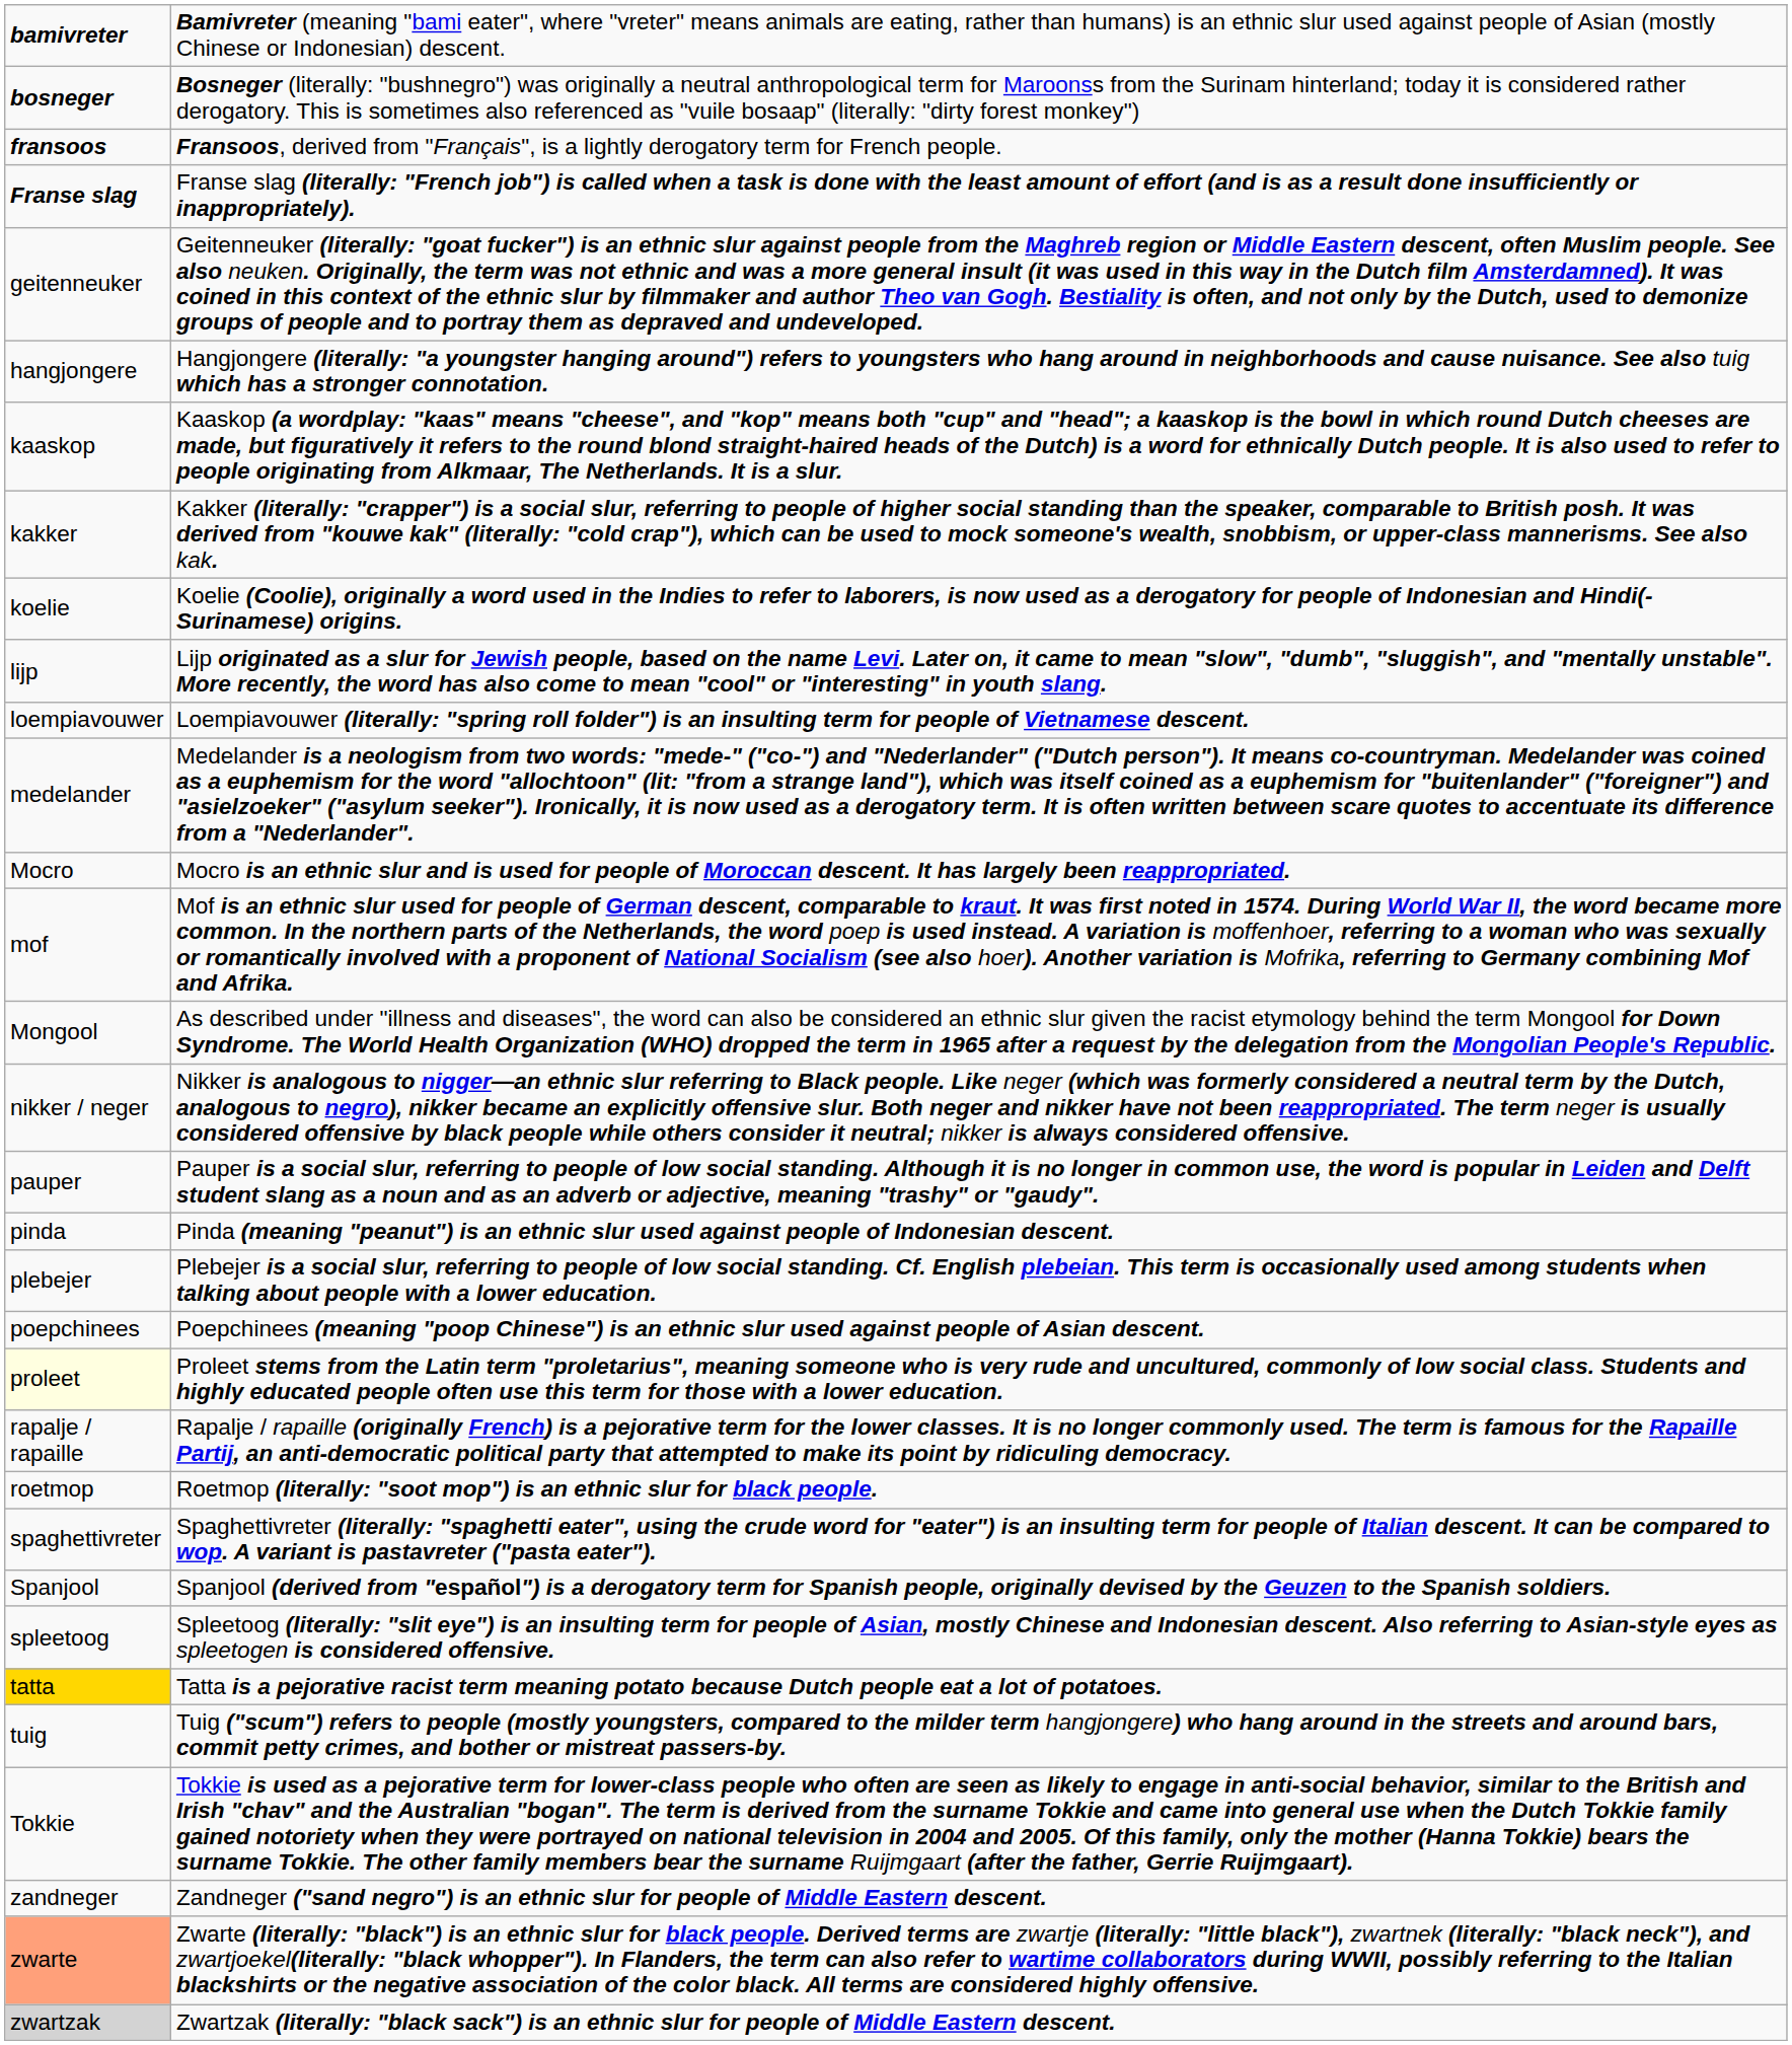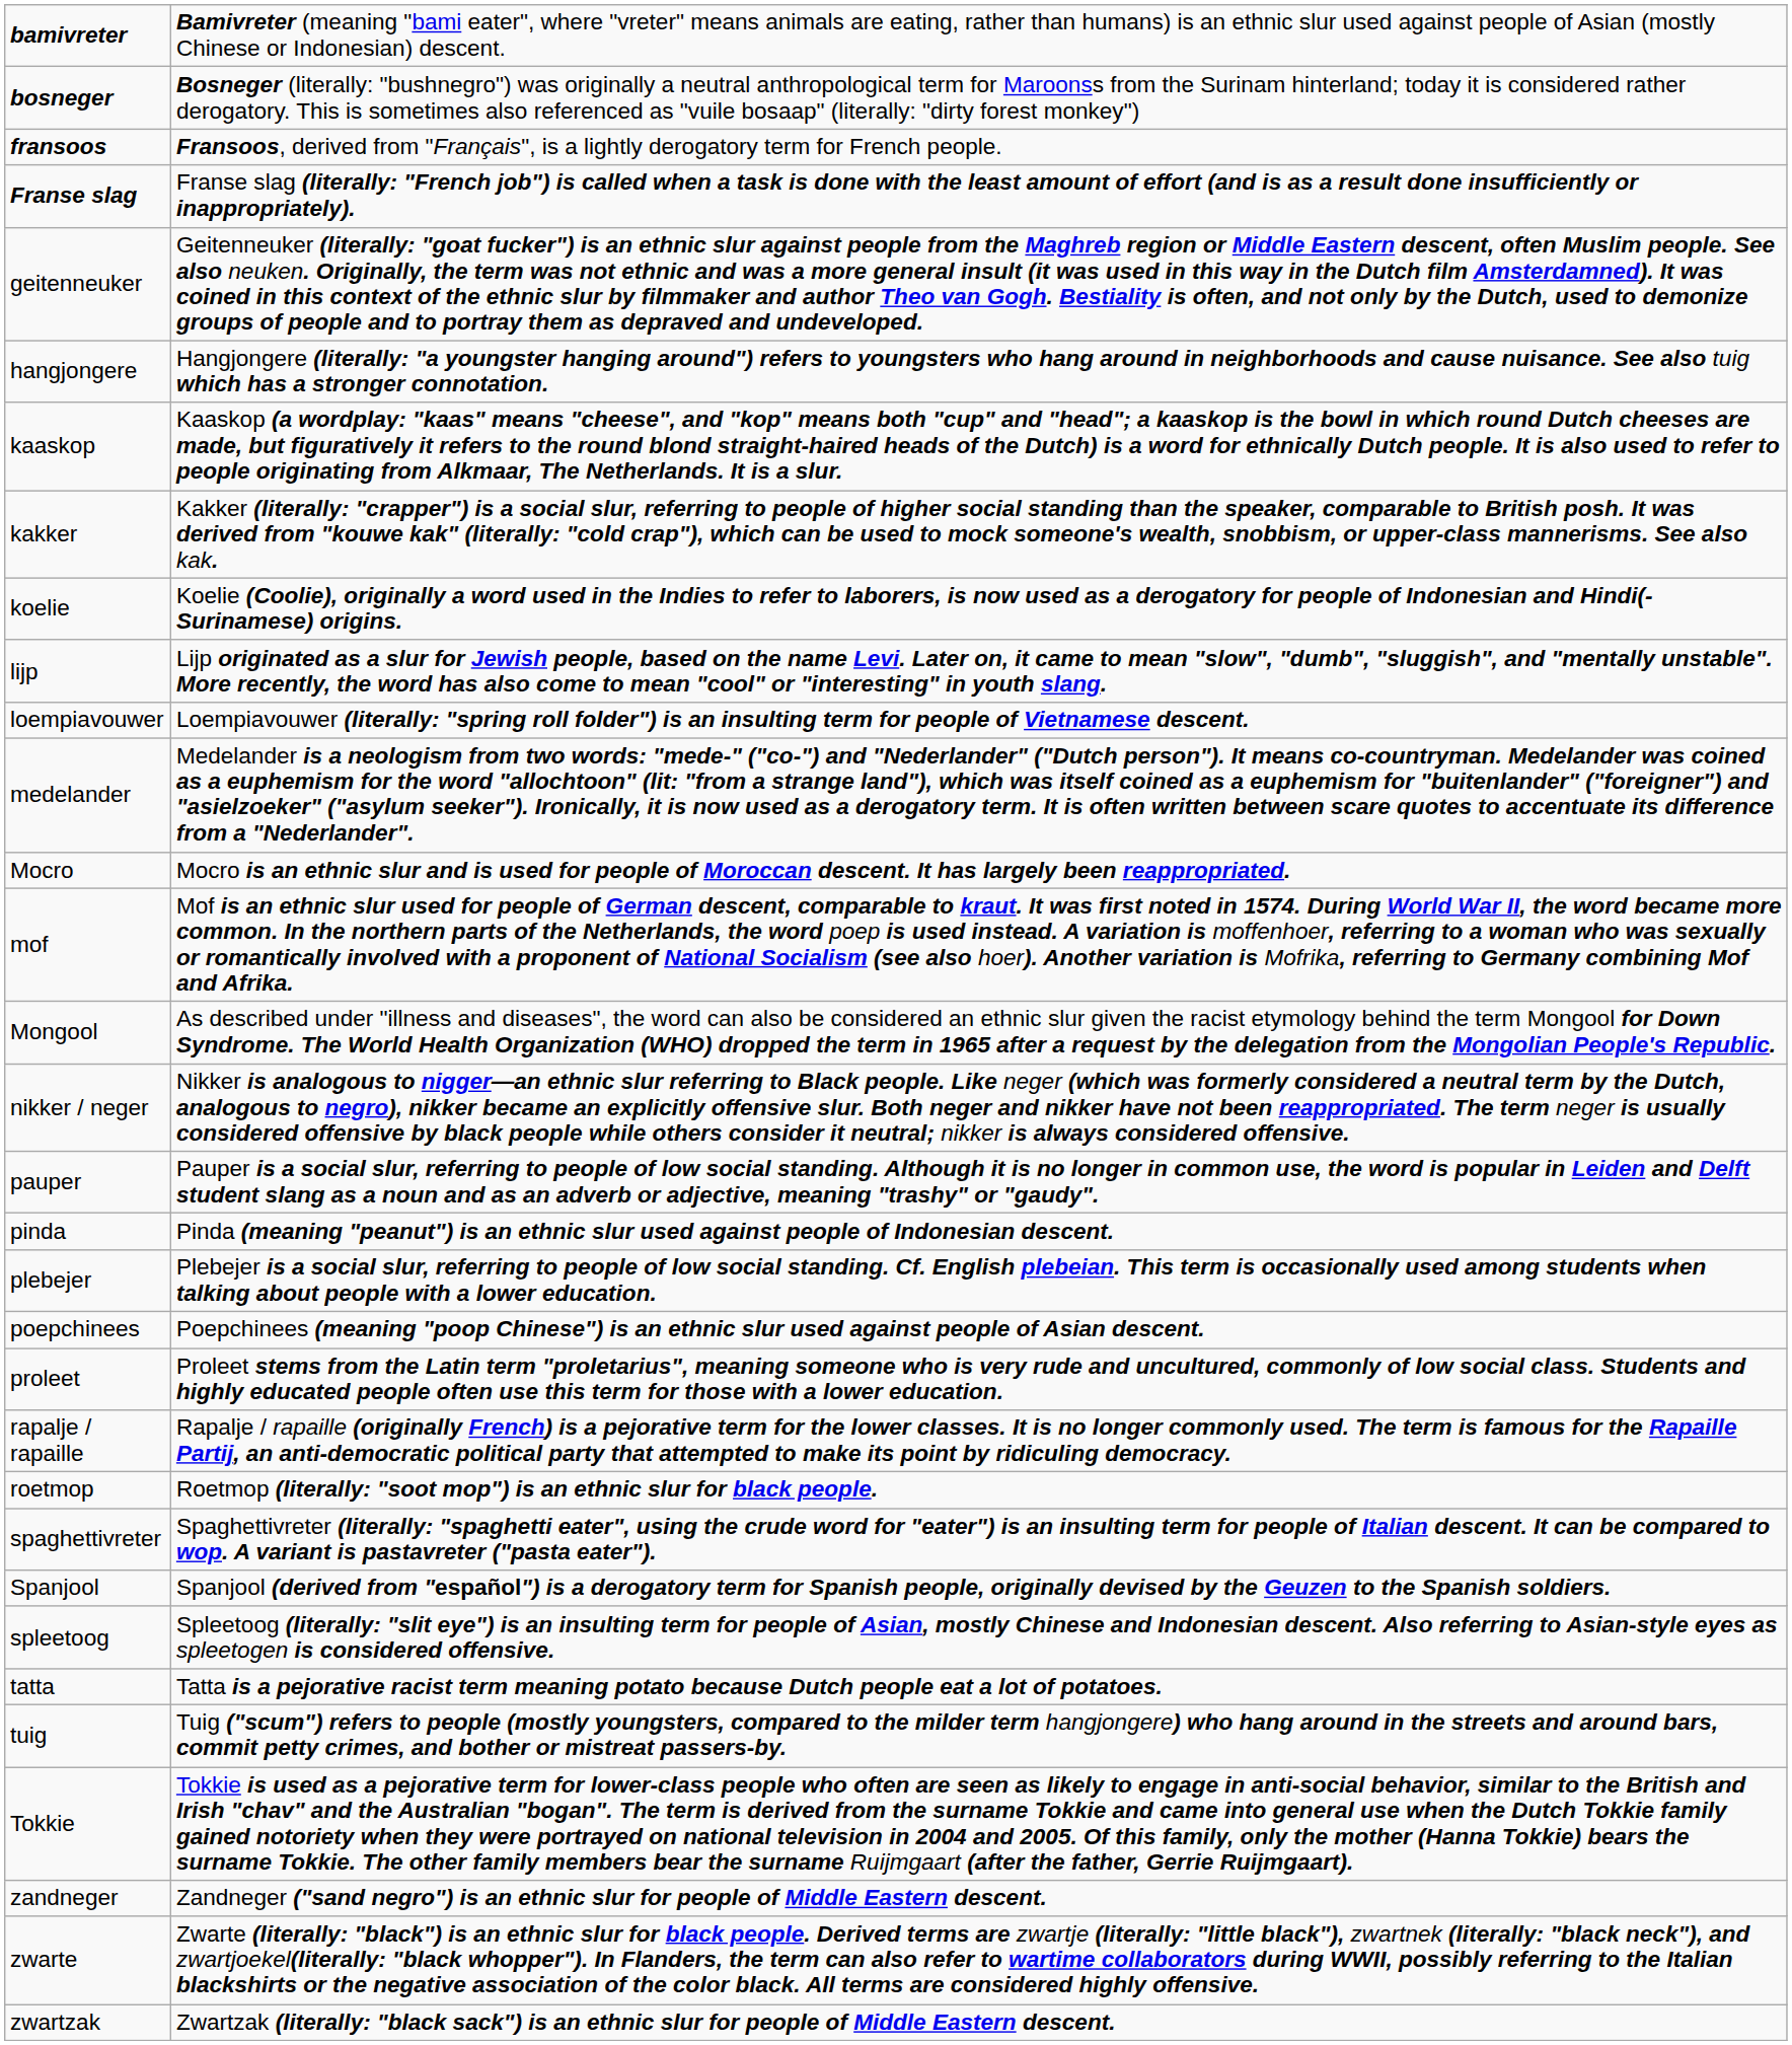 <table class="wikitable">
 <tr>
 <td><strong><em>bamivreter</em></strong></td>
 <td><strong><em>Bamivreter</em></strong> (meaning "<a href='#'>bami</a> eater", where "vreter" means animals are eating, rather than humans) is an ethnic slur used against people of Asian (mostly Chinese or Indonesian) descent.</td>
 </tr>
 <tr>
 <td><strong><em>bosneger</em></strong></td>
 <td><strong><em>Bosneger</em></strong> (literally: "bushnegro") was originally a neutral anthropological term for <a href='#'>Maroons</a>s from the Surinam hinterland; today it is considered rather derogatory. This is sometimes also referenced as "vuile bosaap" (literally: "dirty forest monkey")</td>
 </tr>
 <tr>
 <td><strong><em>fransoos</em></strong></td>
 <td><strong><em>Fransoos</em></strong>, derived from "<em>Français</em>", is a lightly derogatory term for French people.</td>
 </tr>
 <tr>
 <td><strong><em>Franse slag<em> <strong></td>
 <td></em></strong>Franse slag<strong><em> (literally: "French job") is called when a task is done with the least amount of effort (and is as a result done insufficiently or inappropriately).</td>
 </tr>
 <tr>
 <td></em></strong>geitenneuker<strong><em></td>
 <td></em></strong>Geitenneuker<strong><em> (literally: "goat fucker") is an ethnic slur against people from the <a href='#'>Maghreb</a> region or <a href='#'>Middle Eastern</a> descent, often Muslim people. See also </strong>neuken<strong>. Originally, the term was not ethnic and was a more general insult (it was used in this way in the Dutch film <a href='#'>Amsterdamned</a>). It was coined in this context of the ethnic slur by filmmaker and author <a href='#'>Theo van Gogh</a>. <a href='#'>Bestiality</a> is often, and not only by the Dutch, used to demonize groups of people and to portray them as depraved and undeveloped.</td>
 </tr>
 <tr>
 <td></em></strong>hangjongere<strong><em></td>
 <td></em></strong>Hangjongere<strong><em> (literally:  "a youngster hanging around") refers to youngsters who hang around in neighborhoods and cause nuisance. See also </strong>tuig<strong> which has a stronger connotation.</td>
 </tr>
 <tr>
 <td></em></strong>kaaskop<strong><em></td>
 <td></em></strong>Kaaskop<strong><em> (a wordplay: "kaas" means "cheese", and "kop" means both "cup" and "head"; a kaaskop is the bowl in which round Dutch cheeses are made, but figuratively it refers to the round blond straight-haired heads of the Dutch) is a word for ethnically Dutch people. It is also used to refer to people originating from Alkmaar, The Netherlands. It is a slur.</td>
 </tr>
 <tr>
 <td></em></strong>kakker<strong><em></td>
 <td></em></strong>Kakker<strong><em> (literally: "crapper") is a social slur, referring to people of higher social standing than the speaker, comparable to British posh. It was derived from "kouwe kak" (literally: "cold crap"), which can be used to mock someone's wealth, snobbism, or upper-class mannerisms. See also </strong>kak<strong>.</td>
 </tr>
 <tr>
 <td></em></strong>koelie<strong><em></td>
 <td></em></strong>Koelie<strong><em> (Coolie), originally a word used in the Indies to refer to laborers, is now used as a derogatory for people of Indonesian and Hindi(-Surinamese) origins.</td>
 </tr>
 <tr>
 <td></em></strong>lijp<strong><em></td>
 <td></em></strong>Lijp<strong><em> originated as a slur for <a href='#'>Jewish</a> people, based on the name <a href='#'>Levi</a>. Later on, it came to mean "slow", "dumb", "sluggish", and "mentally unstable". More recently, the word has also come to mean "cool" or "interesting" in youth <a href='#'>slang</a>.</td>
 </tr>
 <tr>
 <td></em></strong>loempiavouwer<strong><em></td>
 <td></em></strong>Loempiavouwer<strong><em> (literally: "spring roll folder") is an insulting term for people of <a href='#'>Vietnamese</a> descent.</td>
 </tr>
 <tr>
 <td></em></strong>medelander<strong><em></td>
 <td></em></strong>Medelander<strong><em> is a neologism from two words: "mede-" ("co-") and "Nederlander" ("Dutch person"). It means co-countryman. Medelander was coined as a euphemism for the word "allochtoon" (lit: "from a strange land"), which was itself coined as a euphemism for "buitenlander" ("foreigner") and "asielzoeker" ("asylum seeker"). Ironically, it is now used as a derogatory term. It is often written between scare quotes to accentuate its difference from a "Nederlander".</td>
 </tr>
 <tr>
 <td></em></strong>Mocro<strong><em></td>
 <td></em></strong>Mocro<strong><em> is an ethnic slur and is used for people of <a href='#'>Moroccan</a> descent. It has largely been <a href='#'>reappropriated</a>.</td>
 </tr>
 <tr>
 <td></em></strong>mof<strong><em></td>
 <td></em></strong>Mof<strong><em> is an ethnic slur used for people of <a href='#'>German</a> descent, comparable to <a href='#'>kraut</a>. It was first noted in 1574. During <a href='#'>World War II</a>, the word became more common. In the northern parts of the Netherlands, the word </strong>poep<strong> is used instead. A variation is </strong>moffenhoer<strong>, referring to a woman who was sexually or romantically involved with a proponent of <a href='#'>National Socialism</a> (see also </strong>hoer<strong>). Another variation is </strong>Mofrika<strong>, referring to Germany combining Mof and Afrika.</td>
 </tr>
 <tr>
 <td></em></strong>Mongool<strong><em></td>
 <td>As described under "illness and diseases", the word can also be considered an ethnic slur given the racist etymology behind the term </em></strong>Mongool<strong><em> for Down Syndrome. The World Health Organization (WHO) dropped the term in 1965 after a request by the delegation from the <a href='#'>Mongolian People's Republic</a>.</td>
 </tr>
 <tr>
 <td></em></strong>nikker / neger<strong><em></td>
 <td></em></strong>Nikker<strong><em> is analogous to <a href='#'>nigger</a>—an ethnic slur referring to Black people. Like </strong>neger<strong> (which was formerly considered a neutral term by the Dutch, analogous to <a href='#'>negro</a>), nikker became an explicitly offensive slur. Both neger and nikker have not been <a href='#'>reappropriated</a>. The term </strong>neger<strong> is usually considered offensive by black people while others consider it neutral; </strong>nikker<strong> is always considered offensive.</td>
 </tr>
 <tr>
 <td></em></strong>pauper<strong><em></td>
 <td></em></strong>Pauper<strong><em> is a social slur, referring to people of low social standing. Although it is no longer in common use, the word is popular in <a href='#'>Leiden</a> and <a href='#'>Delft</a> student slang as a noun and as an adverb or adjective, meaning "trashy" or "gaudy".</td>
 </tr>
 <tr>
 <td></em></strong>pinda<strong><em></td>
 <td></em></strong>Pinda<strong><em> (meaning "peanut") is an ethnic slur used against people of Indonesian descent.</td>
 </tr>
 <tr>
 <td></em></strong>plebejer<strong><em></td>
 <td></em></strong>Plebejer<strong><em> is a social slur, referring to people of low social standing. Cf. English <a href='#'>plebeian</a>. This term is occasionally used among students when talking about people with a lower education.</td>
 </tr>
 <tr>
 <td></em></strong>poepchinees<strong><em></td>
 <td></em></strong>Poepchinees<strong><em> (meaning "poop Chinese") is an ethnic slur used against people of Asian descent.</td>
 </tr>
 <tr>
-<td style="background: lightyellow;"></em></strong>proleet<strong><em></td>
+<td></em></strong>proleet<strong><em></td>
 <td></em></strong>Proleet<strong><em> stems from the Latin term "proletarius", meaning someone who is very rude and uncultured, commonly of low social class. Students and highly educated people often use this term for those with a lower education.</td>
 </tr>
 <tr>
 <td></em></strong>rapalje / rapaille<strong><em></td>
 <td></em></strong>Rapalje</em> / <em>rapaille<strong><em> (originally <a href='#'>French</a>) is a pejorative term for the lower classes. It is no longer commonly used. The term is famous for the <a href='#'>Rapaille Partij</a>, an anti-democratic political party that attempted to make its point by ridiculing democracy.</td>
 </tr>
 <tr>
 <td></em></strong>roetmop<strong><em></td>
 <td></em></strong>Roetmop<strong><em> (literally: "soot mop") is an ethnic slur for <a href='#'>black people</a>.</td>
 </tr>
 <tr>
 <td></em></strong>spaghettivreter<strong><em></td>
 <td></em></strong>Spaghettivreter<strong><em> (literally: "spaghetti eater", using the crude word for "eater") is an insulting term for people of <a href='#'>Italian</a> descent. It can be compared to <a href='#'>wop</a>. A variant is pastavreter ("pasta eater").</td>
 </tr>
 <tr>
 <td></em></strong>Spanjool<strong><em></td>
 <td></em></strong>Spanjool<strong><em> (derived from "</em>español<em>") is a derogatory term for Spanish people, originally devised by the <a href='#'>Geuzen</a> to the Spanish soldiers.</td>
 </tr>
 <tr>
 <td></em></strong>spleetoog<strong><em></td>
 <td></em></strong>Spleetoog<strong><em> (literally: "slit eye") is an insulting term for people of <a href='#'>Asian</a>, mostly Chinese and Indonesian descent. Also referring to Asian-style eyes as </strong>spleetogen<strong> is considered offensive.</td>
 </tr>
 <tr>
-<td style="background: gold;"></em></strong>tatta<strong><em></td>
+<td></em></strong>tatta<strong><em></td>
 <td></em></strong>Tatta<strong><em> is a pejorative racist term meaning potato because Dutch people eat a lot of potatoes.</td>
 </tr>
 <tr>
 <td></em></strong>tuig<strong><em></td>
 <td></em></strong>Tuig<strong><em> ("scum") refers to people (mostly youngsters, compared to the milder term </strong>hangjongere<strong>) who hang around in the streets and around bars, commit petty crimes, and bother or mistreat passers-by.</td>
 </tr>
 <tr>
 <td></em></strong>Tokkie<strong><em></td>
 <td></em></strong><a href='#'>Tokkie</a><strong><em> is used as a pejorative term for lower-class people who often are seen as likely to engage in anti-social behavior, similar to the British and Irish "chav" and the Australian "bogan". The term is derived from the surname Tokkie and came into general use when the Dutch Tokkie family gained notoriety when they were portrayed on national television in 2004 and 2005. Of this family, only the mother (Hanna Tokkie) bears the surname Tokkie. The other family members bear the surname </strong>Ruijmgaart<strong> (after the father, Gerrie Ruijmgaart).</td>
 </tr>
 <tr>
 <td></em></strong>zandneger<strong><em></td>
 <td></em></strong>Zandneger<strong><em> ("sand negro") is an ethnic slur for people of <a href='#'>Middle Eastern</a> descent.</td>
 </tr>
 <tr>
-<td style="background: lightsalmon;"></em></strong>zwarte<strong><em></td>
+<td></em></strong>zwarte<strong><em></td>
 <td></em></strong>Zwarte<strong><em> (literally: "black") is an ethnic slur for <a href='#'>black people</a>. Derived terms are </strong>zwartje<strong> (literally: "little black"), </strong>zwartnek<strong> (literally: "black neck"), and </strong>zwartjoekel<strong>(literally: "black whopper"). In Flanders, the term can also refer to <a href='#'>wartime collaborators</a> during WWII, possibly referring to the Italian blackshirts or the negative association of the color black. All terms are considered highly offensive.</td>
 </tr>
 <tr>
-<td style="background: lightgrey;"></em></strong>zwartzak<strong><em></td>
+<td></em></strong>zwartzak<strong><em></td>
 <td></em></strong>Zwartzak<strong><em> (literally: "black sack") is an ethnic slur for people of <a href='#'>Middle Eastern</a> descent.</td>
 </tr>
 </table>
